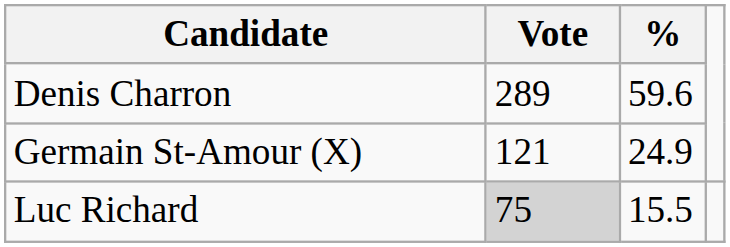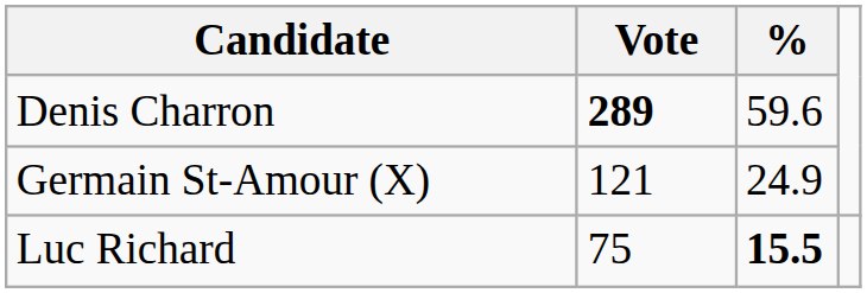 <table class="wikitable">
 <tr>
 <th bgcolor="#DDDDFF" width="200px">Candidate</th>
 <th bgcolor="#DDDDFF" width="50px">Vote</th>
 <th bgcolor="#DDDDFF" width="30px">%</th>
 </tr>
 <tr>
 <td>Denis Charron</td>
-<td>289</td>
+<td><strong>289</strong></td>
 <td>59.6</td>
 </tr>
 <tr>
 <td>Germain St-Amour (X)</td>
 <td>121</td>
 <td>24.9</td>
 </tr>
 <tr>
 <td>Luc Richard</td>
-<td style="background: lightgrey;">75</td>
-<td>15.5</td>
+<td>75</td>
+<td><strong>15.5</strong></td>
 <td></td>
 </tr>
 </table>
